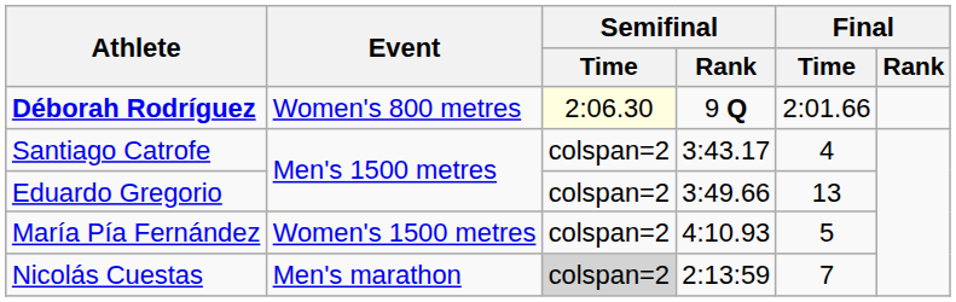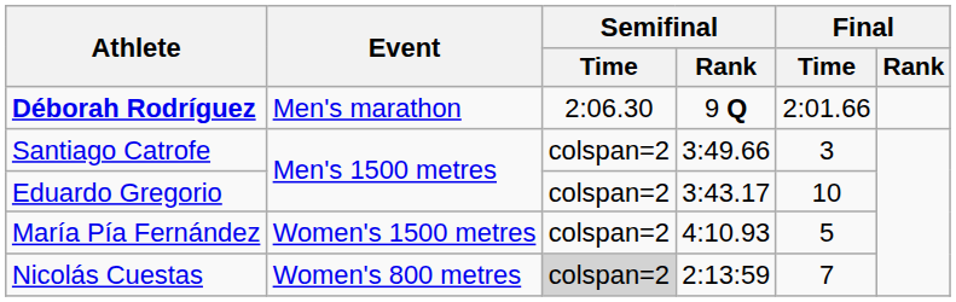 <table class="wikitable" style="font-size:90%;text-align:center">
 <tr>
 <th rowspan=2>Athlete</th>
 <th rowspan=2>Event</th>
 <th colspan=2>Semifinal</th>
 <th colspan=2>Final</th>
 </tr>
 <tr style=font-size:95%>
 <th>Time</th>
 <th>Rank</th>
 <th>Time</th>
 <th>Rank</th>
 </tr>
 <tr>
 <td align=left><strong><a href='#'>Déborah Rodríguez</a></strong></td>
-<td align=left><a href='#'>Women's 800 metres</a></td>
-<td style="background: lightyellow;">2:06.30</td>
+<td align=left><a href='#'>Men's marathon</a></td>
+<td>2:06.30</td>
 <td>9 <strong>Q</strong></td>
 <td>2:01.66</td>
 <td></td>
 </tr>
 <tr align=center>
 <td align=left><a href='#'>Santiago Catrofe</a></td>
 <td align=left rowspan=2><a href='#'>Men's 1500 metres</a></td>
 <td>colspan=2 </td>
-<td>3:43.17</td>
-<td>4</td>
+<td>3:49.66</td>
+<td>3</td>
 </tr>
 <tr align=center>
 <td align=left><a href='#'>Eduardo Gregorio</a></td>
 <td>colspan=2 </td>
-<td>3:49.66</td>
-<td>13</td>
+<td>3:43.17</td>
+<td>10</td>
 </tr>
 <tr align=center>
 <td align=left><a href='#'>María Pía Fernández</a></td>
 <td align=left><a href='#'>Women's 1500 metres</a></td>
 <td>colspan=2 </td>
 <td>4:10.93 </td>
 <td>5</td>
 </tr>
 <tr align=center>
 <td align=left><a href='#'>Nicolás Cuestas</a></td>
-<td align=left><a href='#'>Men's marathon</a></td>
+<td align=left><a href='#'>Women's 800 metres</a></td>
 <td style="background: lightgrey;">colspan=2 </td>
 <td>2:13:59 </td>
 <td>7</td>
 </tr>
 </table>
